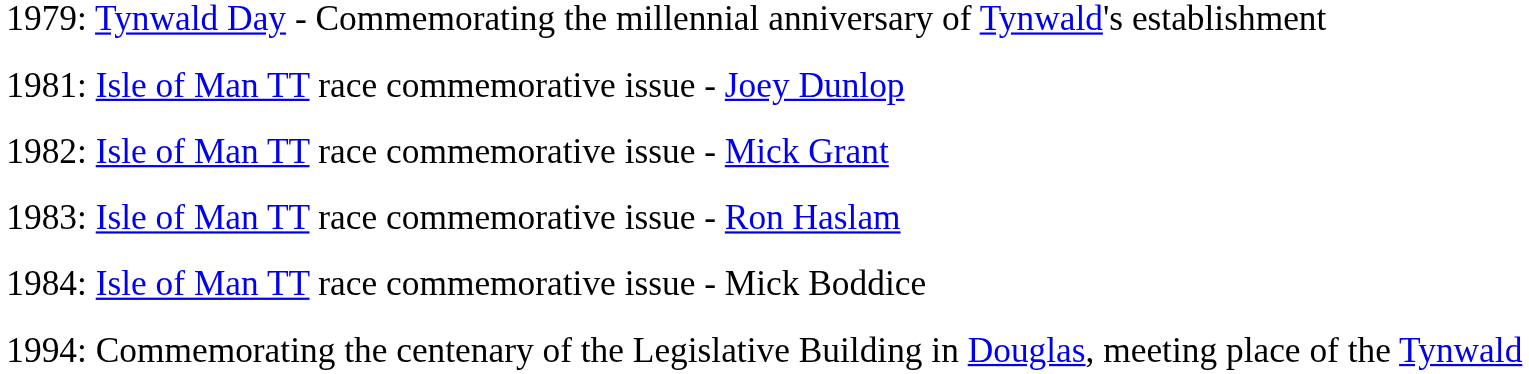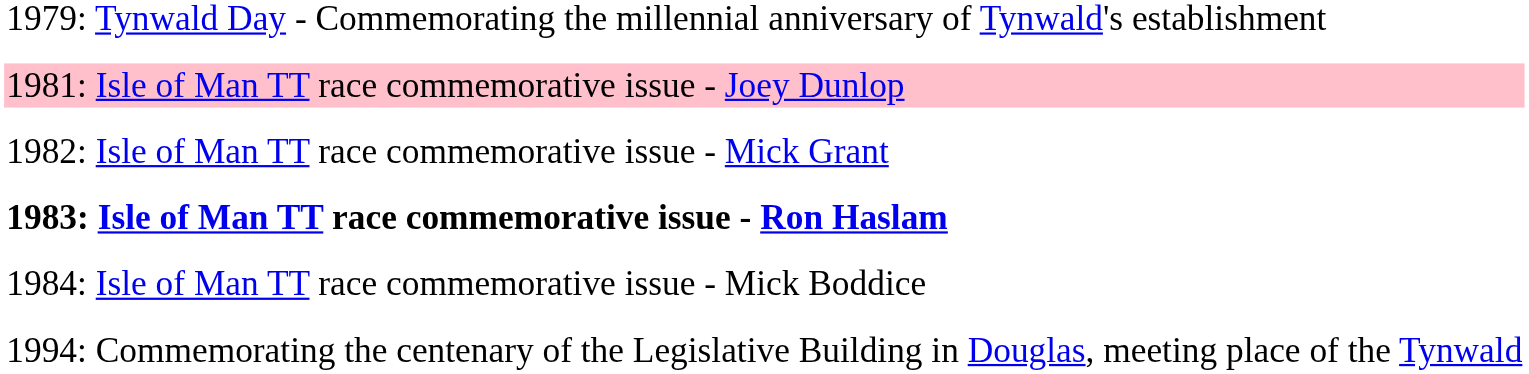 <table cellspacing="10px">
 <tr valign="top">
 <td>1979: <a href='#'>Tynwald Day</a> - Commemorating the millennial anniversary of <a href='#'>Tynwald</a>'s establishment<br></td>
 </tr>
 <tr valign="top">
-<td>1981: <a href='#'>Isle of Man TT</a> race commemorative issue - <a href='#'>Joey Dunlop</a><br></td>
+<td style="background: pink;">1981: <a href='#'>Isle of Man TT</a> race commemorative issue - <a href='#'>Joey Dunlop</a><br></td>
 </tr>
 <tr valign="top">
 <td>1982: <a href='#'>Isle of Man TT</a> race commemorative issue - <a href='#'>Mick Grant</a><br></td>
 </tr>
 <tr valign="top">
-<td>1983: <a href='#'>Isle of Man TT</a> race commemorative issue - <a href='#'>Ron Haslam</a><br></td>
+<td><strong>1983: <a href='#'>Isle of Man TT</a> race commemorative issue - <a href='#'>Ron Haslam</a><br></strong></td>
 </tr>
 <tr valign="top">
 <td>1984: <a href='#'>Isle of Man TT</a> race commemorative issue - Mick Boddice<br></td>
 </tr>
 <tr valign="top">
 <td>1994: Commemorating the centenary of the Legislative Building in <a href='#'>Douglas</a>, meeting place of the <a href='#'>Tynwald</a><br></td>
 </tr>
 </table>
